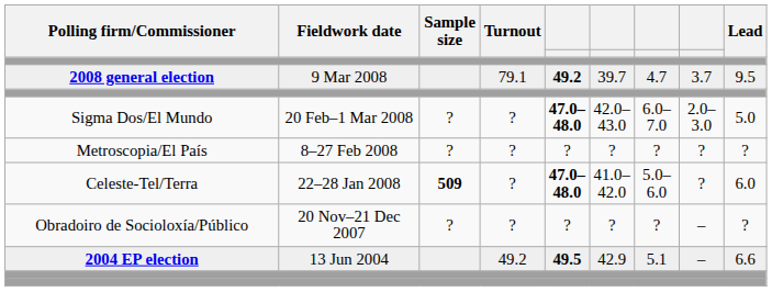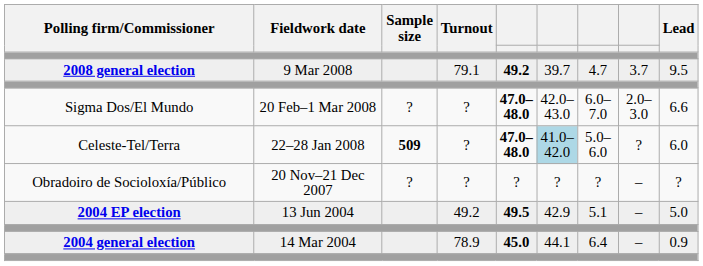 <table class="wikitable collapsible collapsed" style="text-align:center; font-size:95%; line-height:16px;">
 <tr style="height:42px;">
 <th style="width:250px;" rowspan="2">Polling firm/Commissioner</th>
 <th style="width:125px;" rowspan="2">Fieldwork date</th>
 <th style="width:50px;" rowspan="2">Sample size</th>
 <th style="width:45px;" rowspan="2">Turnout</th>
 <th style="width:35px;"></th>
 <th style="width:35px;"></th>
 <th style="width:35px;"></th>
 <th style="width:35px;"></th>
 <th style="width:30px;" rowspan="2">Lead</th>
 </tr>
 <tr>
 <th style="color:inherit;background:"></th>
 <th style="color:inherit;background:"></th>
 <th style="color:inherit;background:"></th>
 <th style="color:inherit;background:"></th>
 </tr>
 <tr>
 <td colspan="9" style="background:#A0A0A0"></td>
 </tr>
 <tr style="background:#EFEFEF;">
 <td><strong><a href='#'>2008 general election</a></strong></td>
 <td>9 Mar 2008</td>
 <td></td>
 <td>79.1</td>
 <td><strong>49.2</strong><br></td>
 <td>39.7<br></td>
 <td>4.7<br></td>
 <td>3.7<br></td>
 <td style="background:">9.5</td>
 </tr>
 <tr>
 <td colspan="9" style="background:#A0A0A0"></td>
 </tr>
 <tr>
 <td>Sigma Dos/El Mundo</td>
 <td>20 Feb–1 Mar 2008</td>
 <td>?</td>
 <td>?</td>
 <td><strong>47.0–<br>48.0</strong><br></td>
 <td>42.0–<br>43.0<br></td>
 <td>6.0–<br>7.0<br></td>
 <td>2.0–<br>3.0<br></td>
-<td style="background:">5.0</td>
-</tr>
-<tr>
-<td>Metroscopia/El País</td>
-<td>8–27 Feb 2008</td>
-<td>?</td>
-<td>?</td>
-<td>?<br></td>
-<td>?<br></td>
-<td>?<br></td>
-<td>?<br></td>
-<td style="background:">?</td>
+<td style="background:">6.6</td>
 </tr>
 <tr>
 <td>Celeste-Tel/Terra</td>
 <td>22–28 Jan 2008</td>
 <td><strong>509</strong></td>
 <td>?</td>
 <td><strong>47.0–<br>48.0</strong><br></td>
-<td>41.0–<br>42.0<br></td>
+<td style="background: lightblue;">41.0–<br>42.0<br></td>
 <td>5.0–<br>6.0<br></td>
 <td>?<br></td>
 <td style="background:">6.0</td>
 </tr>
 <tr>
 <td>Obradoiro de Socioloxía/Público</td>
 <td>20 Nov–21 Dec 2007</td>
 <td>?</td>
 <td>?</td>
 <td>?<br></td>
 <td>?<br></td>
 <td>?<br></td>
 <td>–</td>
 <td style="background:">?</td>
 </tr>
 <tr style="background:#EFEFEF;">
 <td><strong><a href='#'>2004 EP election</a></strong></td>
 <td>13 Jun 2004</td>
 <td></td>
 <td>49.2</td>
 <td><strong>49.5</strong><br></td>
 <td>42.9<br></td>
 <td>5.1<br></td>
 <td>–</td>
-<td style="background:">6.6</td>
+<td style="background:">5.0</td>
 </tr>
 <tr>
 <td colspan="9" style="background:#A0A0A0"></td>
+</tr>
+<tr style="background:#EFEFEF;">
+<td><strong><a href='#'>2004 general election</a></strong></td>
+<td>14 Mar 2004</td>
+<td></td>
+<td>78.9</td>
+<td><strong>45.0</strong><br></td>
+<td>44.1<br></td>
+<td>6.4<br></td>
+<td>–</td>
+<td style="background:">0.9</td>
 </tr>
 <tr>
 <td colspan="9" style="background:#A0A0A0"></td>
 </tr>
 </table>
